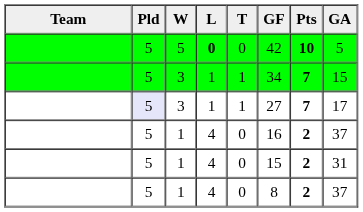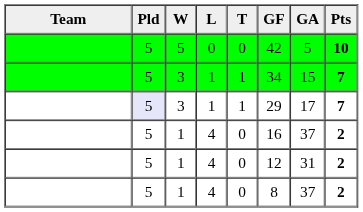 <table border=1 cellpadding=5 cellspacing=0>
 <tr>
 <th bgcolor="#efefef" width="120">Team</th>
 <th bgcolor="#efefef" width="20">Pld</th>
 <th bgcolor="#efefef" width="20">W</th>
 <th bgcolor="#efefef" width="20">L</th>
 <th bgcolor="#efefef" width="20">T</th>
 <th bgcolor="#efefef" width="20">GF</th>
+<th bgcolor="#efefef" width="20">GA</th>
 <th bgcolor="#efefef" width="20">Pts</th>
-<th bgcolor="#efefef" width="20">GA</th>
 </tr>
 <tr align=center bgcolor="lime">
 <td align=left></td>
 <td>5</td>
 <td>5</td>
-<td><strong>0</strong></td>
+<td>0</td>
 <td>0</td>
 <td>42</td>
+<td>5</td>
 <td><strong>10</strong></td>
-<td>5</td>
 </tr>
 <tr align=center bgcolor="lime">
 <td align=left></td>
 <td>5</td>
 <td>3</td>
 <td>1</td>
 <td>1</td>
 <td>34</td>
+<td>15</td>
 <td><strong>7</strong></td>
-<td>15</td>
 </tr>
 <tr align=center>
 <td align=left></td>
 <td style="background: lavender;">5</td>
 <td>3</td>
 <td>1</td>
 <td>1</td>
-<td>27</td>
+<td>29</td>
+<td>17</td>
 <td><strong>7</strong></td>
-<td>17</td>
 </tr>
 <tr align=center>
 <td align=left></td>
 <td>5</td>
 <td>1</td>
 <td>4</td>
 <td>0</td>
 <td>16</td>
+<td>37</td>
 <td><strong>2</strong></td>
-<td>37</td>
 </tr>
 <tr align=center>
 <td align=left></td>
 <td>5</td>
 <td>1</td>
 <td>4</td>
 <td>0</td>
-<td>15</td>
+<td>12</td>
+<td>31</td>
 <td><strong>2</strong></td>
-<td>31</td>
 </tr>
 <tr align=center>
 <td align=left></td>
 <td>5</td>
 <td>1</td>
 <td>4</td>
 <td>0</td>
 <td>8</td>
+<td>37</td>
 <td><strong>2</strong></td>
-<td>37</td>
 </tr>
 </table>
